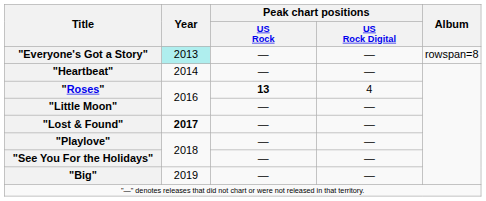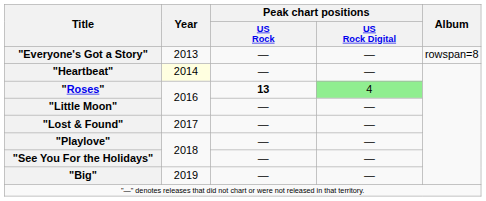 <table class="wikitable plainrowheaders" style="text-align:center;" border="1">
 <tr>
 <th scope="col" rowspan="2" style="width:14em;">Title</th>
 <th scope="col" rowspan="2" style="width:4em;">Year</th>
 <th scope="col" colspan="2">Peak chart positions</th>
 <th scope="col" rowspan="2">Album</th>
 </tr>
 <tr>
 <th scope="col" style="width:11em; font-size:85%;"><a href='#'>US<br>Rock</a></th>
 <th scope="col" style="width:11em; font-size:85%;"><a href='#'>US<br>Rock Digital</a></th>
 </tr>
 <tr>
 <th scope="row">"Everyone's Got a Story"</th>
-<td style="background: paleturquoise;">2013</td>
+<td>2013</td>
 <td>—</td>
 <td>—</td>
 <td>rowspan=8 </td>
 </tr>
 <tr>
 <th scope="row">"Heartbeat"</th>
-<td>2014</td>
+<td style="background: lightyellow;">2014</td>
 <td>—</td>
 <td>—</td>
 </tr>
 <tr>
 <th scope="row">"<a href='#'>Roses</a>"</th>
 <td rowspan=2>2016</td>
 <td><strong>13</strong></td>
-<td>4</td>
+<td style="background: lightgreen;">4</td>
 </tr>
 <tr>
 <th scope="row">"Little Moon"</th>
 <td>—</td>
 <td>—</td>
 </tr>
 <tr>
 <th scope="row">"Lost & Found"</th>
-<td><strong>2017</strong></td>
+<td>2017</td>
 <td>—</td>
 <td>—</td>
 </tr>
 <tr>
 <th scope="row">"Playlove"</th>
 <td rowspan=2>2018</td>
 <td>—</td>
 <td>—</td>
 </tr>
 <tr>
 <th scope="row">"See You For the Holidays"</th>
 <td>—</td>
 <td>—</td>
 </tr>
 <tr>
 <th scope="row">"Big"</th>
 <td>2019</td>
 <td>—</td>
 <td>—</td>
 </tr>
 <tr>
 <td colspan="6" align="center" style="font-size:8pt">"—" denotes releases that did not chart or were not released in that territory.</td>
 </tr>
 </table>
